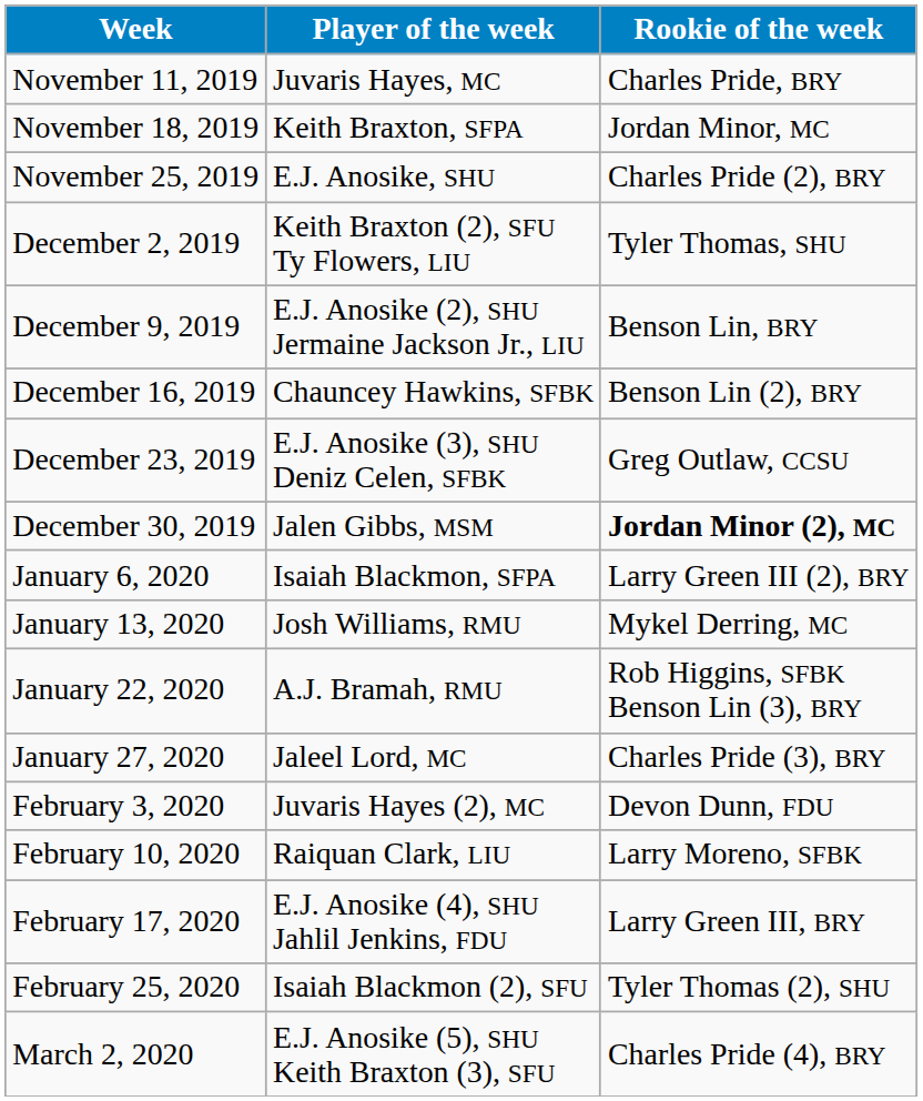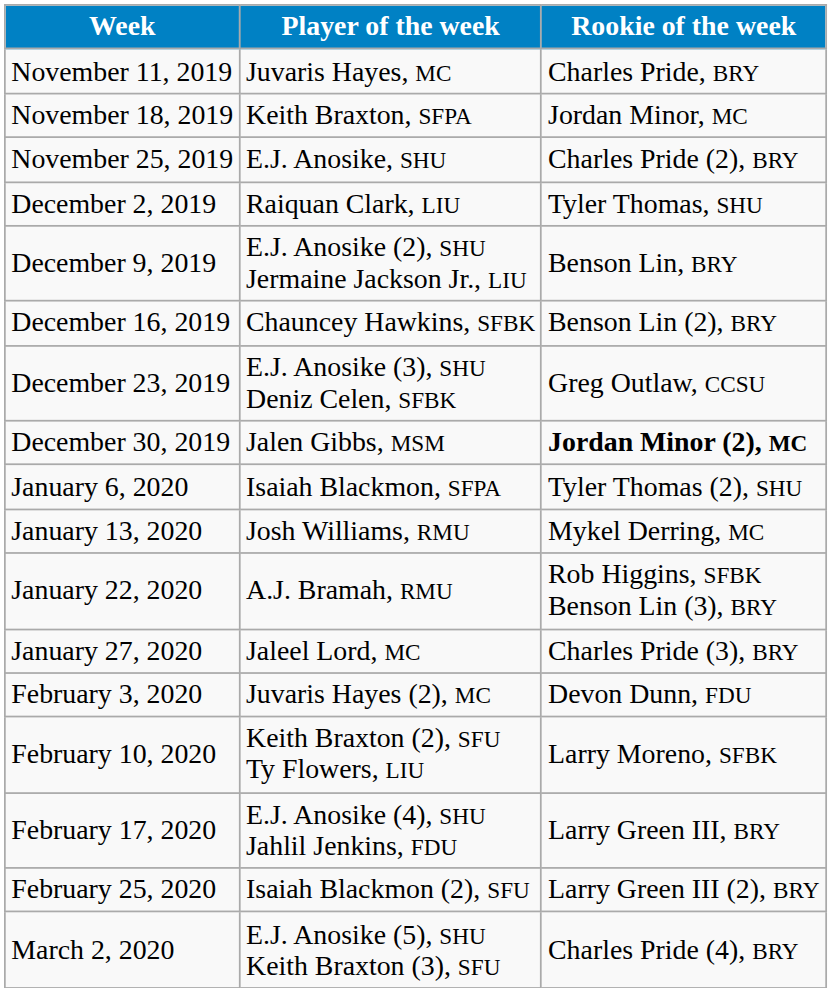 <table class="wikitable" border="1">
 <tr>
 <th align="center" style="background:#0081C4; color:#FFFFFF;">Week</th>
 <th align="center" style="background:#0081C4; color:#FFFFFF;">Player of the week</th>
 <th align="center" style="background:#0081C4; color:#FFFFFF;">Rookie of the week</th>
 </tr>
 <tr>
 <td>November 11, 2019</td>
 <td>Juvaris Hayes, <small>MC</small></td>
 <td>Charles Pride, <small>BRY</small></td>
 </tr>
 <tr>
 <td>November 18, 2019</td>
 <td>Keith Braxton, <small>SFPA</small></td>
 <td>Jordan Minor, <small>MC</small></td>
 </tr>
 <tr>
 <td>November 25, 2019</td>
 <td>E.J. Anosike, <small>SHU</small></td>
 <td>Charles Pride (2), <small>BRY</small></td>
 </tr>
 <tr>
 <td>December 2, 2019</td>
-<td>Keith Braxton (2), <small>SFU</small> <br> Ty Flowers, <small>LIU</small></td>
+<td>Raiquan Clark, <small>LIU</small></td>
 <td>Tyler Thomas, <small>SHU</small></td>
 </tr>
 <tr>
 <td>December 9, 2019</td>
 <td>E.J. Anosike (2), <small>SHU</small> <br> Jermaine Jackson Jr., <small>LIU</small></td>
 <td>Benson Lin, <small>BRY</small></td>
 </tr>
 <tr>
 <td>December 16, 2019</td>
 <td>Chauncey Hawkins, <small>SFBK</small></td>
 <td>Benson Lin (2), <small>BRY</small></td>
 </tr>
 <tr>
 <td>December 23, 2019</td>
 <td>E.J. Anosike (3), <small>SHU</small> <br> Deniz Celen, <small>SFBK</small></td>
 <td>Greg Outlaw, <small>CCSU</small></td>
 </tr>
 <tr>
 <td>December 30, 2019</td>
 <td>Jalen Gibbs, <small>MSM</small></td>
 <td><strong>Jordan Minor (2), <small>MC</small></strong></td>
 </tr>
 <tr>
 <td>January 6, 2020</td>
 <td>Isaiah Blackmon, <small>SFPA</small></td>
-<td>Larry Green III (2), <small>BRY</small></td>
+<td>Tyler Thomas (2), <small>SHU</small></td>
 </tr>
 <tr>
 <td>January 13, 2020</td>
 <td>Josh Williams, <small>RMU</small></td>
 <td>Mykel Derring, <small>MC</small></td>
 </tr>
 <tr>
 <td>January 22, 2020</td>
 <td>A.J. Bramah, <small>RMU</small></td>
 <td>Rob Higgins, <small>SFBK</small><br>Benson Lin (3), <small>BRY</small></td>
 </tr>
 <tr>
 <td>January 27, 2020</td>
 <td>Jaleel Lord, <small>MC</small></td>
 <td>Charles Pride (3), <small>BRY</small></td>
 </tr>
 <tr>
 <td>February 3, 2020</td>
 <td>Juvaris Hayes (2), <small>MC</small></td>
 <td>Devon Dunn,  <small>FDU</small></td>
 </tr>
 <tr>
 <td>February 10, 2020</td>
-<td>Raiquan Clark, <small>LIU</small></td>
+<td>Keith Braxton (2), <small>SFU</small> <br> Ty Flowers, <small>LIU</small></td>
 <td>Larry Moreno, <small>SFBK</small></td>
 </tr>
 <tr>
 <td>February 17, 2020</td>
 <td>E.J. Anosike (4), <small>SHU</small> <br> Jahlil Jenkins, <small>FDU</small></td>
 <td>Larry Green III, <small>BRY</small></td>
 </tr>
 <tr>
 <td>February 25, 2020</td>
 <td>Isaiah Blackmon (2), <small>SFU</small></td>
-<td>Tyler Thomas (2), <small>SHU</small></td>
+<td>Larry Green III (2), <small>BRY</small></td>
 </tr>
 <tr>
 <td>March 2, 2020</td>
 <td>E.J. Anosike (5), <small>SHU</small> <br> Keith Braxton (3), <small>SFU</small></td>
 <td>Charles Pride (4), <small>BRY</small></td>
 </tr>
 </table>
